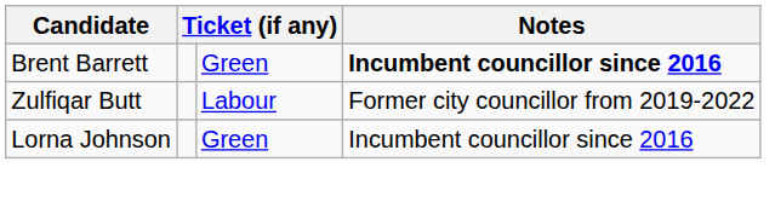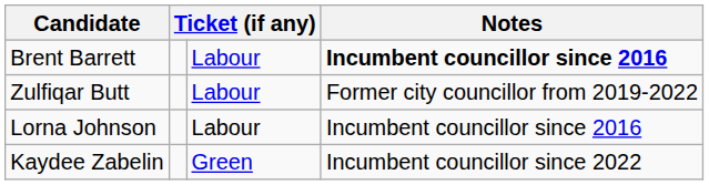 <table class="wikitable" style="font-size: 95%">
 <tr>
 <th>Candidate</th>
 <th colspan="2"><a href='#'>Ticket</a> (if any)</th>
 <th>Notes</th>
 </tr>
 <tr>
 <td>Brent Barrett</td>
 <td style="background-color:"></td>
-<td><a href='#'>Green</a></td>
+<td><a href='#'>Labour</a></td>
 <td><strong>Incumbent councillor since <a href='#'>2016</a></strong></td>
 </tr>
 <tr>
 <td>Zulfiqar Butt</td>
 <td style="background-color:"></td>
 <td><a href='#'>Labour</a></td>
 <td>Former city councillor from 2019-2022</td>
 </tr>
 <tr>
 <td>Lorna Johnson</td>
 <td style="background-color:"></td>
-<td><a href='#'>Green</a></td>
+<td>Labour</td>
 <td>Incumbent councillor since <a href='#'>2016</a></td>
 </tr>
+<tr>
+<td>Kaydee Zabelin</td>
+<td style="background-color:"></td>
+<td><a href='#'>Green</a></td>
+<td>Incumbent councillor since 2022</td>
+</tr>
 </table>
